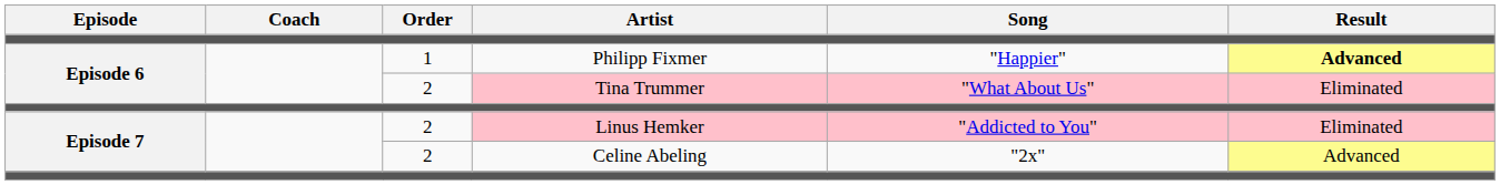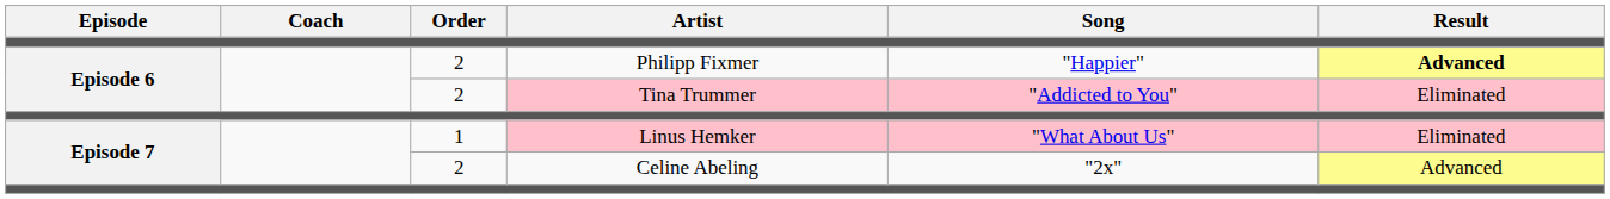 <table class="wikitable" style="text-align: center; width:100%;">
 <tr>
 <th scope="col" style="width:09%;">Episode</th>
 <th style="width:08%;">Coach</th>
 <th style="width:04%;">Order</th>
 <th style="width:16%;">Artist</th>
 <th style="width:18%;">Song</th>
 <th style="width:12%;">Result</th>
 </tr>
 <tr>
 <td colspan="6" style="background:#555;"></td>
 </tr>
 <tr>
 <th rowspan="2">Episode 6<br><small></small></th>
 <td rowspan="2" scope="row"></td>
-<td>1</td>
+<td>2</td>
 <td>Philipp Fixmer</td>
 <td>"<a href='#'>Happier</a>"</td>
 <td style="background:#fdfc8f;"><strong>Advanced</strong></td>
 </tr>
 <tr>
 <td>2</td>
 <td style="background:pink;">Tina Trummer</td>
-<td style="background:pink;">"<a href='#'>What About Us</a>"</td>
+<td style="background:pink;">"<a href='#'>Addicted to You</a>"</td>
 <td style="background:pink;">Eliminated</td>
 </tr>
 <tr>
 <td colspan="6" style="background:#555;"></td>
 </tr>
 <tr>
 <th rowspan="2">Episode 7<br><small></small></th>
 <td rowspan="2" scope="row"></td>
-<td>2</td>
+<td>1</td>
 <td style="background:pink;">Linus Hemker</td>
-<td style="background:pink;">"<a href='#'>Addicted to You</a>"</td>
+<td style="background:pink;">"<a href='#'>What About Us</a>"</td>
 <td style="background:pink;">Eliminated</td>
 </tr>
 <tr>
 <td>2</td>
 <td>Celine Abeling</td>
 <td>"2x"</td>
 <td style="background:#fdfc8f;">Advanced</td>
 </tr>
 <tr>
 <td colspan="6" style="background:#555;"></td>
 </tr>
 </table>
